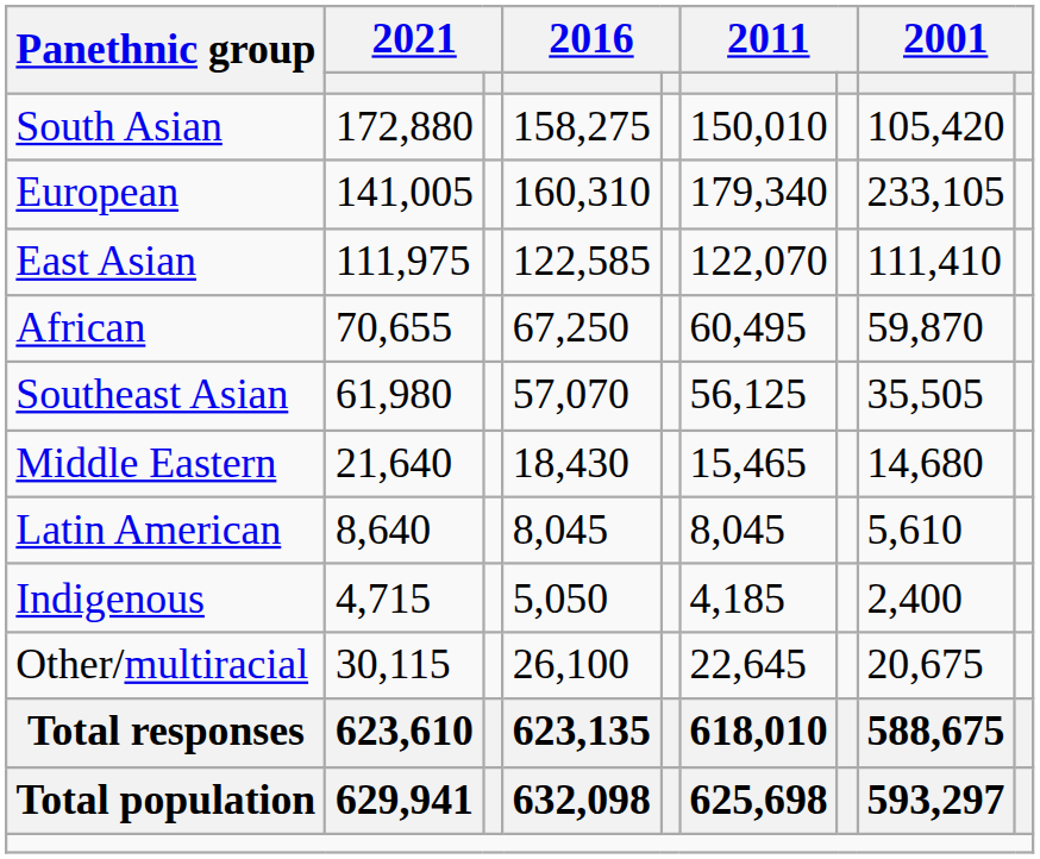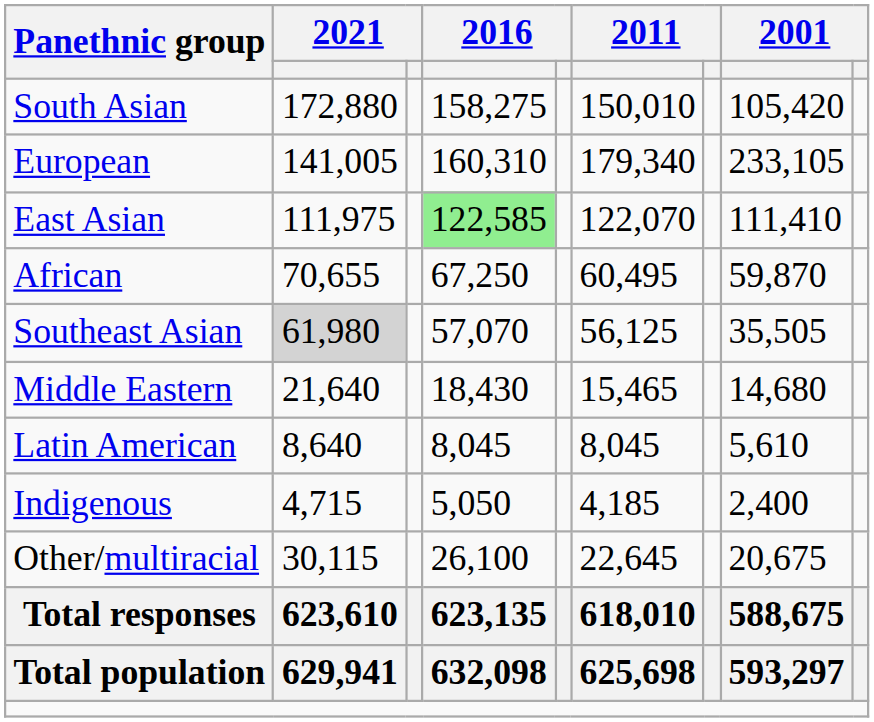 <table class="wikitable collapsible sortable">
 <tr>
 <th rowspan="2"><a href='#'>Panethnic</a> group</th>
 <th colspan="2"><a href='#'>2021</a></th>
 <th colspan="2"><a href='#'>2016</a></th>
 <th colspan="2"><a href='#'>2011</a></th>
 <th colspan="2"><a href='#'>2001</a></th>
 </tr>
 <tr>
 <th><a href='#'></a></th>
 <th></th>
 <th></th>
 <th></th>
 <th></th>
 <th></th>
 <th></th>
 <th></th>
 </tr>
 <tr>
 <td><a href='#'>South Asian</a></td>
 <td>172,880</td>
 <td></td>
 <td>158,275</td>
 <td></td>
 <td>150,010</td>
 <td></td>
 <td>105,420</td>
 <td></td>
 </tr>
 <tr>
 <td><a href='#'>European</a></td>
 <td>141,005</td>
 <td></td>
 <td>160,310</td>
 <td></td>
 <td>179,340</td>
 <td></td>
 <td>233,105</td>
 <td></td>
 </tr>
 <tr>
 <td><a href='#'>East Asian</a></td>
 <td>111,975</td>
 <td></td>
-<td>122,585</td>
+<td style="background: lightgreen;">122,585</td>
 <td></td>
 <td>122,070</td>
 <td></td>
 <td>111,410</td>
 <td></td>
 </tr>
 <tr>
 <td><a href='#'>African</a></td>
 <td>70,655</td>
 <td></td>
 <td>67,250</td>
 <td></td>
 <td>60,495</td>
 <td></td>
 <td>59,870</td>
 <td></td>
 </tr>
 <tr>
 <td><a href='#'>Southeast Asian</a></td>
-<td>61,980</td>
+<td style="background: lightgrey;">61,980</td>
 <td></td>
 <td>57,070</td>
 <td></td>
 <td>56,125</td>
 <td></td>
 <td>35,505</td>
 <td></td>
 </tr>
 <tr>
 <td><a href='#'>Middle Eastern</a></td>
 <td>21,640</td>
 <td></td>
 <td>18,430</td>
 <td></td>
 <td>15,465</td>
 <td></td>
 <td>14,680</td>
 <td></td>
 </tr>
 <tr>
 <td><a href='#'>Latin American</a></td>
 <td>8,640</td>
 <td></td>
 <td>8,045</td>
 <td></td>
 <td>8,045</td>
 <td></td>
 <td>5,610</td>
 <td></td>
 </tr>
 <tr>
 <td><a href='#'>Indigenous</a></td>
 <td>4,715</td>
 <td></td>
 <td>5,050</td>
 <td></td>
 <td>4,185</td>
 <td></td>
 <td>2,400</td>
 <td></td>
 </tr>
 <tr>
 <td>Other/<a href='#'>multiracial</a></td>
 <td>30,115</td>
 <td></td>
 <td>26,100</td>
 <td></td>
 <td>22,645</td>
 <td></td>
 <td>20,675</td>
 <td></td>
 </tr>
 <tr class="sortbottom">
 <th>Total responses</th>
 <th>623,610</th>
 <th></th>
 <th>623,135</th>
 <th></th>
 <th>618,010</th>
 <th></th>
 <th>588,675</th>
 <th></th>
 </tr>
 <tr class="sortbottom">
 <th>Total population</th>
 <th>629,941</th>
 <th></th>
 <th>632,098</th>
 <th></th>
 <th>625,698</th>
 <th></th>
 <th>593,297</th>
 <th></th>
 </tr>
 <tr class="sortbottom">
 <td colspan="20"></td>
 </tr>
 </table>
